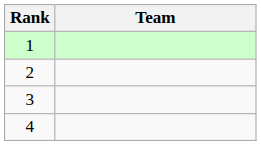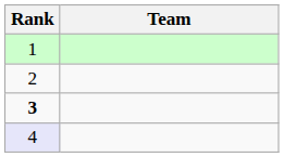 <table class="wikitable" style="text-align:center">
 <tr>
 <th width=40>Rank</th>
 <th width=180>Team</th>
 </tr>
 <tr bgcolor=#ccffcc>
 <td>1</td>
 <td style="text-align:left"></td>
 </tr>
 <tr>
 <td>2</td>
 <td style="text-align:left"></td>
 </tr>
 <tr>
-<td>3</td>
+<td><strong>3</strong></td>
 <td style="text-align:left"></td>
 </tr>
 <tr>
-<td>4</td>
+<td style="background: lavender;">4</td>
 <td style="text-align:left"></td>
 </tr>
 </table>
